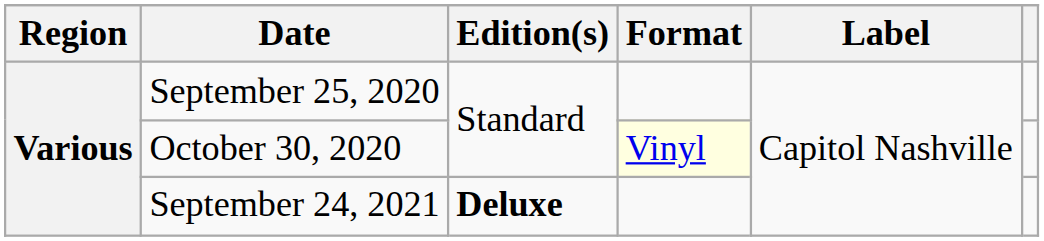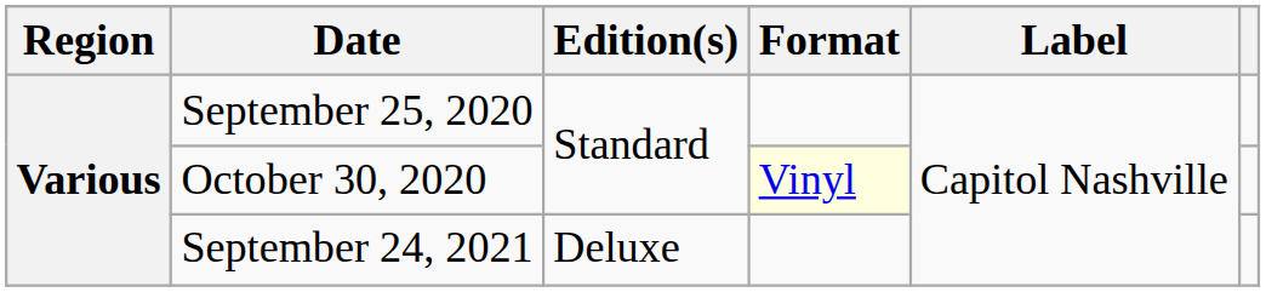 <table class="wikitable plainrowheaders">
 <tr>
 </tr>
 <tr>
 <th scope="col">Region</th>
 <th scope="col">Date</th>
 <th scope="col">Edition(s)</th>
 <th scope="col">Format</th>
 <th scope="col">Label</th>
 <th scope="col"></th>
 </tr>
 <tr>
 <th scope="row" rowspan="3">Various</th>
 <td>September 25, 2020</td>
 <td rowspan="2">Standard</td>
 <td></td>
 <td rowspan="3">Capitol Nashville</td>
 <td></td>
 </tr>
 <tr>
 <td>October 30, 2020</td>
 <td style="background: lightyellow;"><a href='#'>Vinyl</a></td>
 <td></td>
 </tr>
 <tr>
 <td>September 24, 2021</td>
-<td><strong>Deluxe</strong></td>
+<td>Deluxe</td>
 <td></td>
 <td></td>
 </tr>
 </table>
